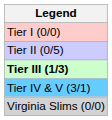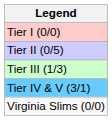 <table class="wikitable sortable">
 <tr>
 <th>Legend</th>
 </tr>
 <tr>
 <td bgcolor="#ffcccc">Tier I (0/0)</td>
 </tr>
 <tr>
 <td bgcolor="#ccccff">Tier II (0/5)</td>
 </tr>
 <tr>
-<td bgcolor="#CCFFCC"><strong>Tier III (1/3)</strong></td>
+<td bgcolor="#CCFFCC">Tier III (1/3)</td>
 </tr>
 <tr>
 <td bgcolor="#66CCFF">Tier IV & V (3/1)</td>
 </tr>
 <tr>
-<td style="background: lightgrey;">Virginia Slims (0/0)</td>
+<td>Virginia Slims (0/0)</td>
 </tr>
 </table>
